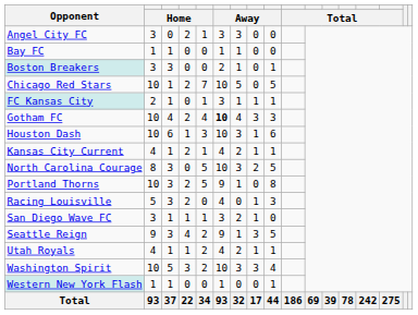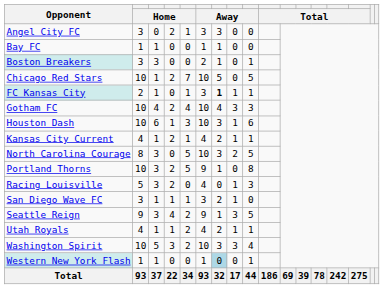 <table class="wikitable plainrowheaders sortable" style="text-align:center">
 <tr>
 <th rowspan="2" scope="col">Opponent</th>
 <th scope="col"></th>
 <th scope="col"></th>
 <th scope="col"></th>
 <th scope="col"></th>
 <th scope="col"></th>
 <th scope="col"></th>
 <th scope="col"></th>
 <th scope="col"></th>
 <th scope="col"></th>
 <th scope="col"></th>
 <th scope="col"></th>
 <th scope="col"></th>
 <th scope="col"></th>
 <th scope="col"></th>
 <th rowspan="2" scope="col"></th>
 <th rowspan="2"></th>
 </tr>
 <tr class="unsortable">
 <th colspan="4">Home</th>
 <th colspan="4">Away</th>
 <th colspan="6">Total</th>
 </tr>
 <tr>
 <td style="text-align:left"><a href='#'>Angel City FC</a></td>
 <td>3</td>
 <td>0</td>
 <td>2</td>
 <td>1</td>
 <td>3</td>
 <td>3</td>
 <td>0</td>
 <td>0<br></td>
 <td></td>
 </tr>
 <tr>
 <td style="text-align:left"><a href='#'>Bay FC</a></td>
 <td>1</td>
 <td>1</td>
 <td>0</td>
 <td>0</td>
 <td>1</td>
 <td>1</td>
 <td>0</td>
 <td>0<br></td>
 <td></td>
 </tr>
 <tr>
 <td style="background:#CFECEC; text-align:left"><a href='#'>Boston Breakers</a></td>
 <td>3</td>
 <td>3</td>
 <td>0</td>
 <td>0</td>
 <td>2</td>
 <td>1</td>
 <td>0</td>
 <td>1<br></td>
 <td></td>
 </tr>
 <tr>
 <td style="text-align:left"><a href='#'>Chicago Red Stars</a></td>
 <td>10</td>
 <td>1</td>
 <td>2</td>
 <td>7</td>
 <td>10</td>
 <td>5</td>
 <td>0</td>
 <td>5<br></td>
 <td></td>
 </tr>
 <tr>
 <td style="background:#CFECEC; text-align:left"><a href='#'>FC Kansas City</a></td>
 <td>2</td>
 <td>1</td>
 <td>0</td>
 <td>1</td>
 <td>3</td>
-<td>1</td>
+<td><strong>1</strong></td>
 <td>1</td>
 <td>1<br></td>
 <td></td>
 </tr>
 <tr>
 <td style="text-align:left"><a href='#'>Gotham FC</a></td>
 <td>10</td>
 <td>4</td>
 <td>2</td>
 <td>4</td>
-<td><strong>10</strong></td>
+<td>10</td>
 <td>4</td>
 <td>3</td>
 <td>3<br></td>
 <td></td>
 </tr>
 <tr>
 <td style="text-align:left"><a href='#'>Houston Dash</a></td>
 <td>10</td>
 <td>6</td>
 <td>1</td>
 <td>3</td>
 <td>10</td>
 <td>3</td>
 <td>1</td>
 <td>6<br></td>
 <td></td>
 </tr>
 <tr>
 <td style="text-align:left"><a href='#'>Kansas City Current</a></td>
 <td>4</td>
 <td>1</td>
 <td>2</td>
 <td>1</td>
 <td>4</td>
 <td>2</td>
 <td>1</td>
 <td>1<br></td>
 <td></td>
 </tr>
 <tr>
 <td style="text-align:left"><a href='#'>North Carolina Courage</a></td>
 <td>8</td>
 <td>3</td>
 <td>0</td>
 <td>5</td>
 <td>10</td>
 <td>3</td>
 <td>2</td>
 <td>5<br></td>
 <td></td>
 </tr>
 <tr>
 <td style="text-align:left"><a href='#'>Portland Thorns</a></td>
 <td>10</td>
 <td>3</td>
 <td>2</td>
 <td>5</td>
 <td>9</td>
 <td>1</td>
 <td>0</td>
 <td>8<br></td>
 <td></td>
 </tr>
 <tr>
 <td style="text-align:left"><a href='#'>Racing Louisville</a></td>
 <td>5</td>
 <td>3</td>
 <td>2</td>
 <td>0</td>
 <td>4</td>
 <td>0</td>
 <td>1</td>
 <td>3<br></td>
 <td></td>
 </tr>
 <tr>
 <td style="text-align:left"><a href='#'>San Diego Wave FC</a></td>
 <td>3</td>
 <td>1</td>
 <td>1</td>
 <td>1</td>
 <td>3</td>
 <td>2</td>
 <td>1</td>
 <td>0<br></td>
 <td></td>
 </tr>
 <tr>
 <td style="text-align:left"><a href='#'>Seattle Reign</a></td>
 <td>9</td>
 <td>3</td>
 <td>4</td>
 <td>2</td>
 <td>9</td>
 <td>1</td>
 <td>3</td>
 <td>5<br></td>
 <td></td>
 </tr>
 <tr>
 <td style="text-align:left"><a href='#'>Utah Royals</a></td>
 <td>4</td>
 <td>1</td>
 <td>1</td>
 <td>2</td>
 <td>4</td>
 <td>2</td>
 <td>1</td>
 <td>1<br></td>
 <td></td>
 </tr>
 <tr>
 <td style="text-align:left"><a href='#'>Washington Spirit</a></td>
 <td>10</td>
 <td>5</td>
 <td>3</td>
 <td>2</td>
 <td>10</td>
 <td>3</td>
 <td>3</td>
 <td>4<br></td>
 <td></td>
 </tr>
 <tr>
 <td style="background:#CFECEC; text-align:left"><a href='#'>Western New York Flash</a></td>
 <td>1</td>
 <td>1</td>
 <td>0</td>
 <td>0</td>
 <td>1</td>
-<td>0</td>
+<td style="background: lightblue;">0</td>
 <td>0</td>
 <td>1<br></td>
 <td></td>
 </tr>
 <tr>
 <th>Total</th>
 <th>93</th>
 <th>37</th>
 <th>22</th>
 <th>34</th>
 <th>93</th>
 <th>32</th>
 <th>17</th>
 <th>44</th>
 <th>186</th>
 <th>69</th>
 <th>39</th>
 <th>78</th>
 <th>242</th>
 <th>275</th>
 <th><br></th>
 <th></th>
 </tr>
 </table>
